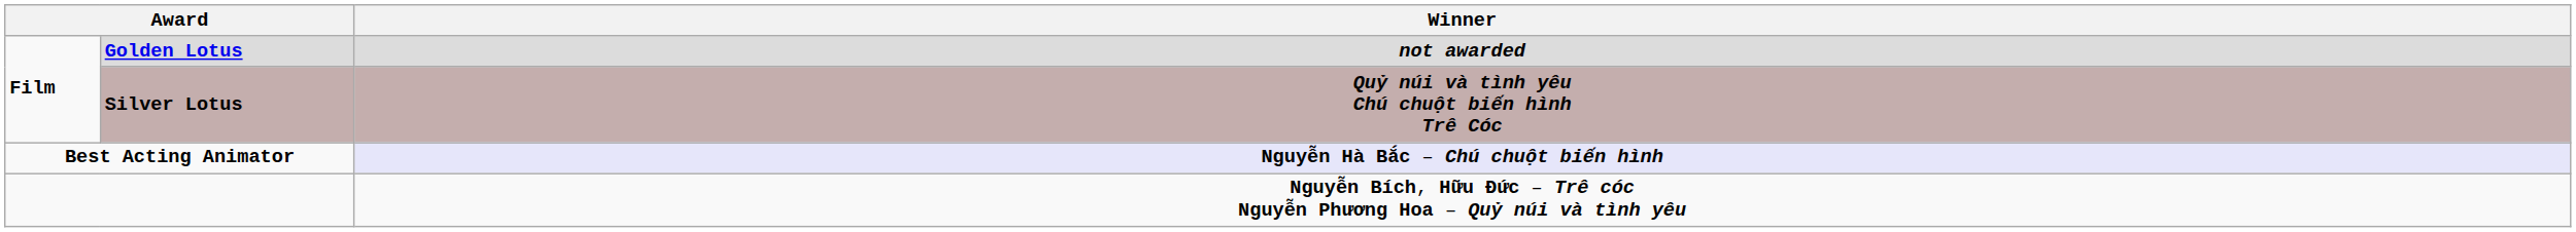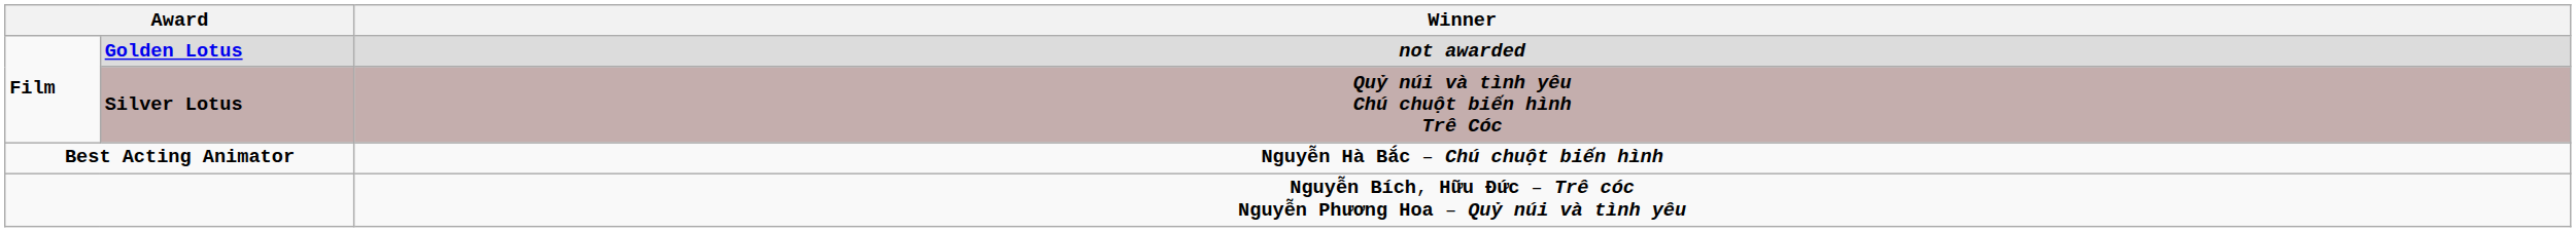 <table class=wikitable>
 <tr>
 <th width="12%" colspan="2">Award</th>
 <th width="76%">Winner</th>
 </tr>
 <tr>
 <td rowspan="2"><strong>Film</strong></td>
 <td style="background:#DCDCDC"><strong><a href='#'>Golden Lotus</a></strong></td>
 <td style="background:#DCDCDC" align=center><strong><em>not awarded</em></strong></td>
 </tr>
 <tr>
 <td style="background:#C4AEAD"><strong>Silver Lotus</strong></td>
 <td style="background:#C4AEAD" align=center><strong><em>Quỷ núi và tình yêu</em></strong><br><strong><em>Chú chuột biến hình</em></strong><br><strong><em>Trê Cóc</em></strong></td>
 </tr>
 <tr>
 <td colspan="2" align=center><strong>Best Acting Animator</strong></td>
-<td align=center style="background: lavender;"><strong>Nguyễn Hà Bắc</strong> – <strong><em>Chú chuột biến hình</em></strong></td>
+<td align=center><strong>Nguyễn Hà Bắc</strong> – <strong><em>Chú chuột biến hình</em></strong></td>
 </tr>
 <tr>
 <td colspan="2" align=center><strong></strong></td>
 <td align=center><strong>Nguyễn Bích</strong>, <strong>Hữu Đức</strong> – <strong><em>Trê cóc</em></strong><br><strong>Nguyễn Phương Hoa</strong> – <strong><em>Quỷ núi và tình yêu</em></strong></td>
 </tr>
 </table>
